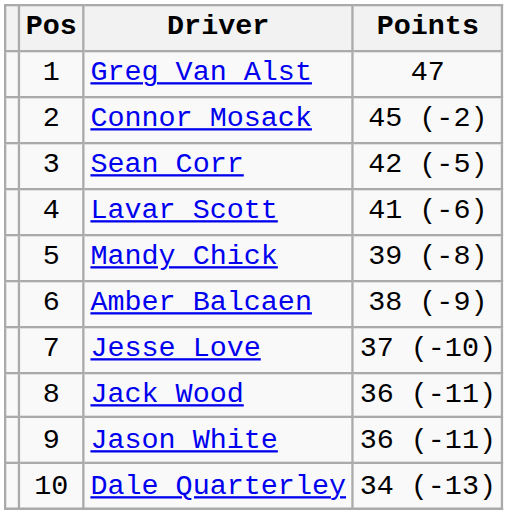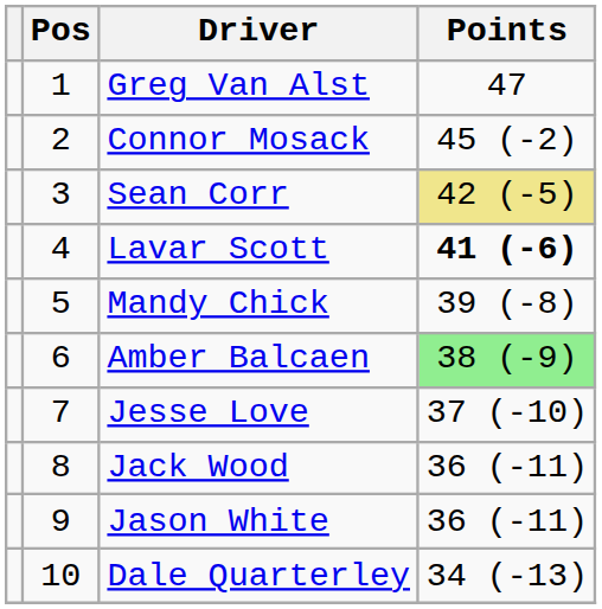 <table class="wikitable" style="font-size: 95%;">
 <tr>
 <th></th>
 <th>Pos</th>
 <th>Driver</th>
 <th>Points</th>
 </tr>
 <tr>
 <td align="left"></td>
 <td style="text-align:center;">1</td>
 <td><a href='#'>Greg Van Alst</a></td>
 <td style="text-align:center;">47</td>
 </tr>
 <tr>
 <td align="left"></td>
 <td style="text-align:center;">2</td>
 <td><a href='#'>Connor Mosack</a></td>
 <td style="text-align:center;">45 (-2)</td>
 </tr>
 <tr>
 <td align="left"></td>
 <td style="text-align:center;">3</td>
 <td><a href='#'>Sean Corr</a></td>
-<td style="text-align:center;">42 (-5)</td>
+<td style="background: khaki; text-align:center;">42 (-5)</td>
 </tr>
 <tr>
 <td align="left"></td>
 <td style="text-align:center;">4</td>
 <td><a href='#'>Lavar Scott</a></td>
-<td style="text-align:center;">41 (-6)</td>
+<td style="text-align:center;"><strong>41 (-6)</strong></td>
 </tr>
 <tr>
 <td align="left"></td>
 <td style="text-align:center;">5</td>
 <td><a href='#'>Mandy Chick</a></td>
 <td style="text-align:center;">39 (-8)</td>
 </tr>
 <tr>
 <td align="left"></td>
 <td style="text-align:center;">6</td>
 <td><a href='#'>Amber Balcaen</a></td>
-<td style="text-align:center;">38 (-9)</td>
+<td style="background: lightgreen; text-align:center;">38 (-9)</td>
 </tr>
 <tr>
 <td align="left"></td>
 <td style="text-align:center;">7</td>
 <td><a href='#'>Jesse Love</a></td>
 <td style="text-align:center;">37 (-10)</td>
 </tr>
 <tr>
 <td align="left"></td>
 <td style="text-align:center;">8</td>
 <td><a href='#'>Jack Wood</a></td>
 <td style="text-align:center;">36 (-11)</td>
 </tr>
 <tr>
 <td align="left"></td>
 <td style="text-align:center;">9</td>
 <td><a href='#'>Jason White</a></td>
 <td style="text-align:center;">36 (-11)</td>
 </tr>
 <tr>
 <td align="left"></td>
 <td style="text-align:center;">10</td>
 <td><a href='#'>Dale Quarterley</a></td>
 <td style="text-align:center;">34 (-13)</td>
 </tr>
 <tr class="sortbottom">
 </tr>
 </table>
